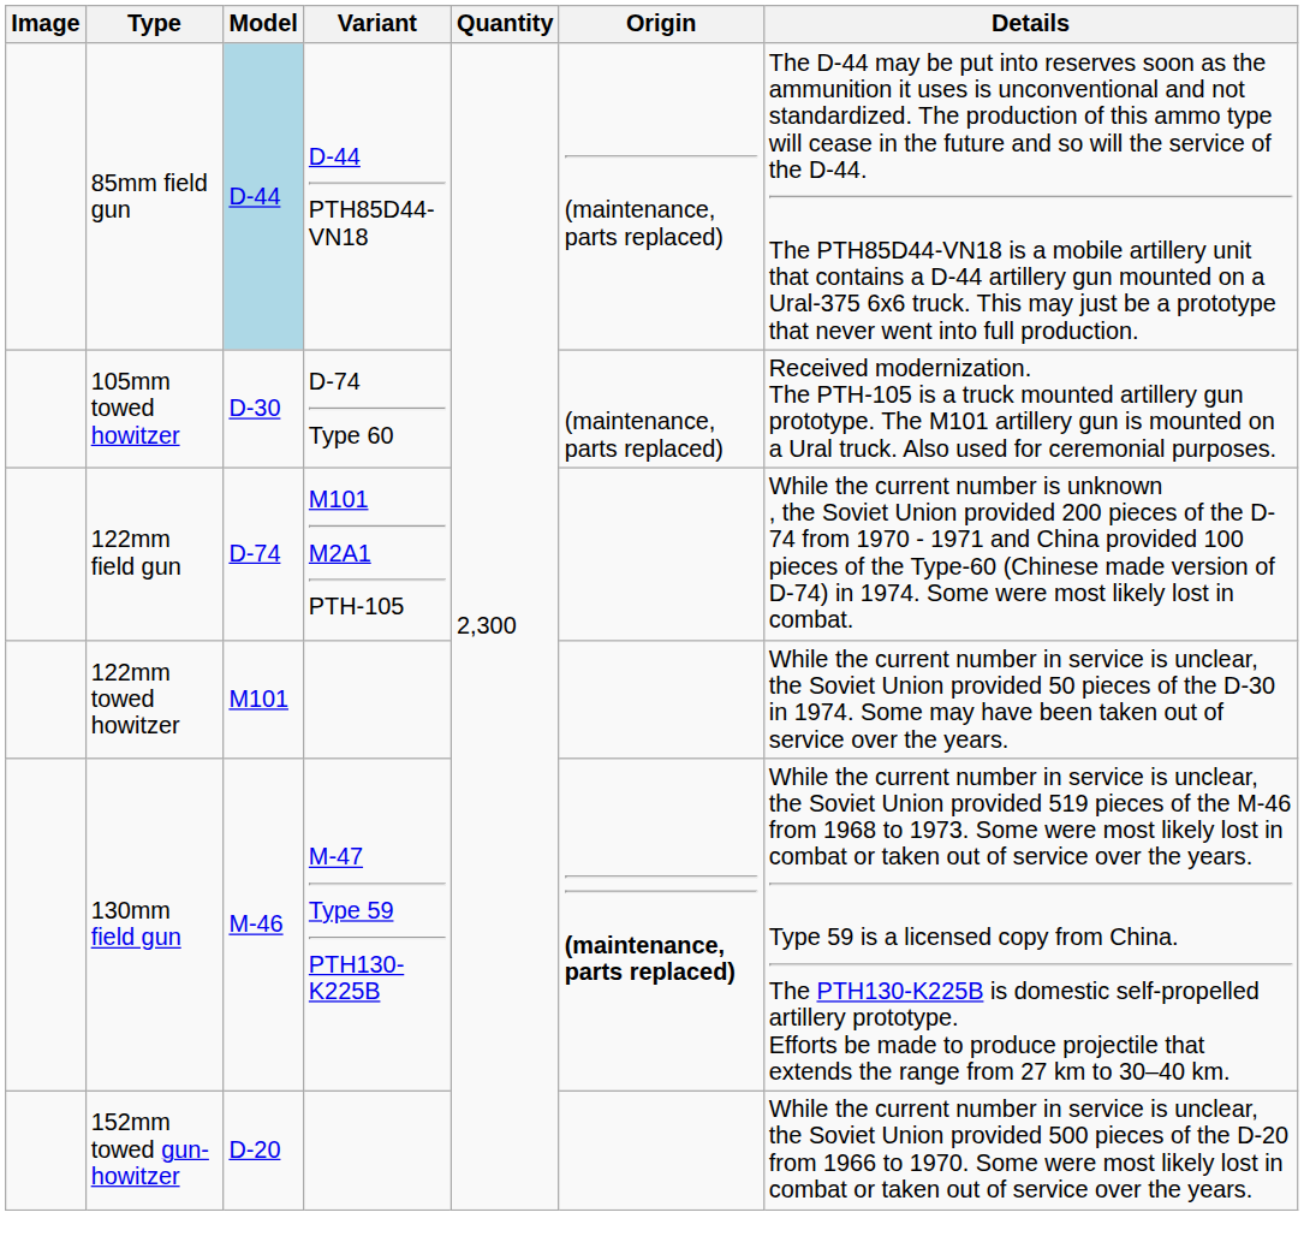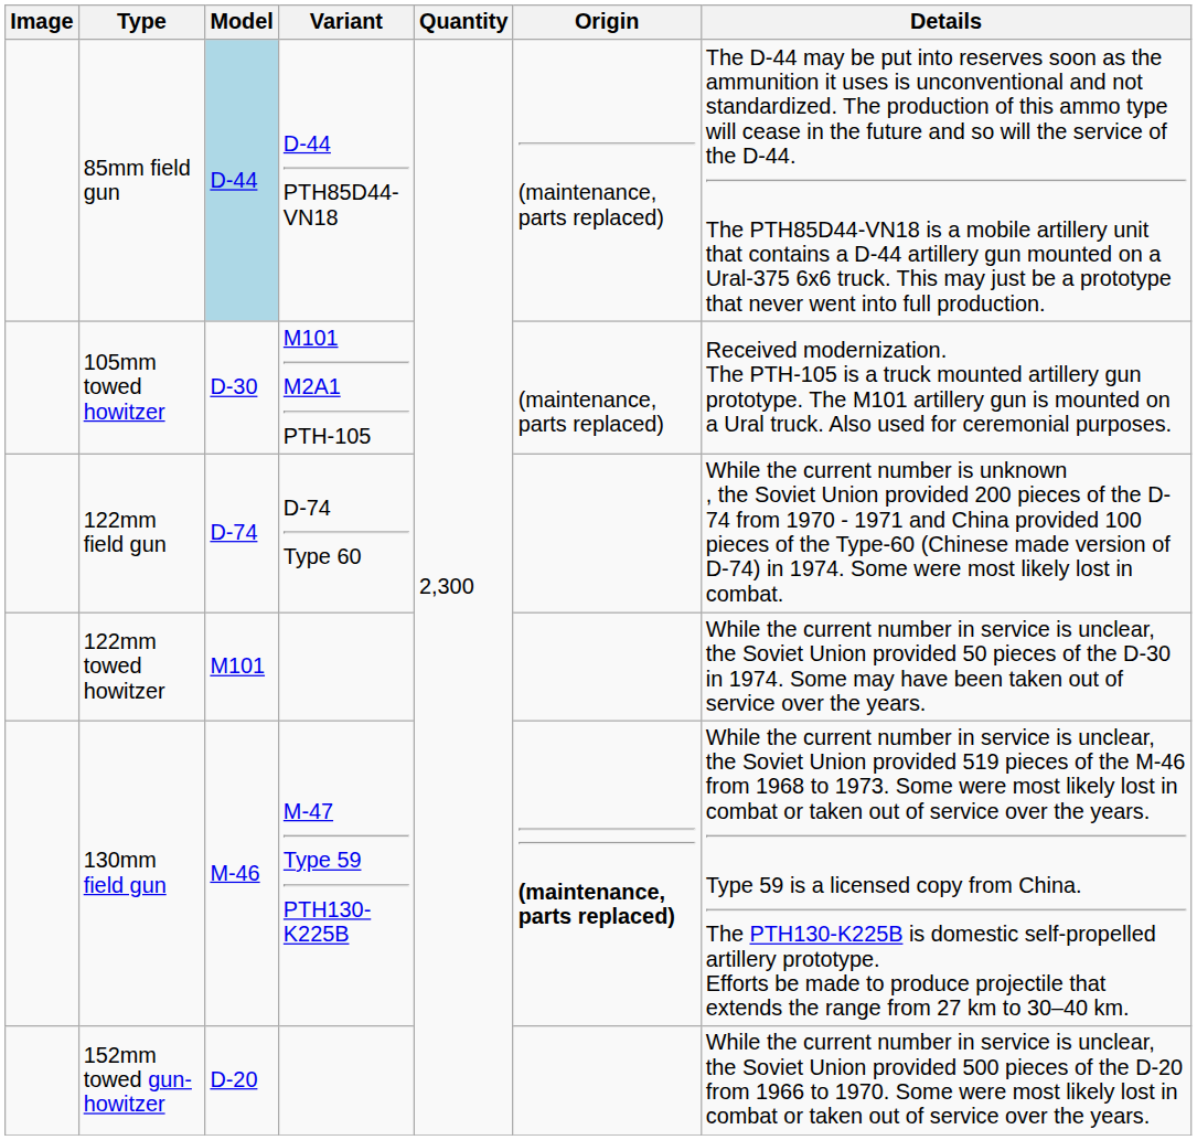 <table class="wikitable">
 <tr>
 <th>Image</th>
 <th>Type</th>
 <th>Model</th>
 <th>Variant</th>
 <th>Quantity</th>
 <th>Origin</th>
 <th>Details</th>
 </tr>
 <tr>
 <td></td>
 <td>85mm field gun</td>
 <td style="background: lightblue;"><a href='#'>D-44</a></td>
 <td><a href='#'>D-44</a><hr>PTH85D44-VN18</td>
 <td rowspan="6">2,300 </td>
 <td><hr><br>(maintenance, parts replaced)</td>
 <td>The D-44 may be put into reserves soon as the ammunition it uses is unconventional and not standardized. The production of this ammo type will cease in the future and so will the service of the D-44. <hr><br>The PTH85D44-VN18 is a mobile artillery unit that contains a D-44 artillery gun mounted on a Ural-375 6x6 truck. This may just be a prototype that never went into full production.</td>
 </tr>
 <tr>
 <td></td>
 <td>105mm towed <a href='#'>howitzer</a></td>
 <td><a href='#'>D-30</a></td>
-<td>D-74<hr>Type 60</td>
+<td><a href='#'>M101</a><hr><a href='#'>M2A1</a><hr>PTH-105</td>
 <td><br><br>(maintenance, parts replaced)</td>
 <td>Received modernization.<br>The PTH-105 is a truck mounted artillery gun prototype. The M101 artillery gun is mounted on a Ural truck. Also used for ceremonial purposes.</td>
 </tr>
 <tr>
 <td></td>
 <td>122mm field gun</td>
 <td><a href='#'>D-74</a></td>
-<td><a href='#'>M101</a><hr><a href='#'>M2A1</a><hr>PTH-105</td>
+<td>D-74<hr>Type 60</td>
 <td></td>
 <td>While the current number is unknown<br>, the Soviet Union provided 200 pieces of the D-74 from 1970 - 1971 and China provided 100 pieces of the Type-60 (Chinese made version of D-74) in 1974. Some were most likely lost in combat.</td>
 </tr>
 <tr>
 <td></td>
 <td>122mm towed howitzer</td>
 <td><a href='#'>M101</a></td>
 <td></td>
 <td></td>
 <td>While the current number in service is unclear, the Soviet Union provided 50 pieces of the D-30 in 1974. Some may have been taken out of service over the years.</td>
 </tr>
 <tr>
 <td></td>
 <td>130mm <a href='#'>field gun</a></td>
 <td><a href='#'>M-46</a></td>
 <td><a href='#'>M-47</a><hr><a href='#'>Type 59</a><hr><a href='#'>PTH130-K225B</a></td>
 <td><strong><hr><hr><br>(maintenance, parts replaced)</strong></td>
 <td>While the current number in service is unclear, the Soviet Union provided 519 pieces of the M-46 from 1968 to 1973. Some were most likely lost in combat or taken out of service over the years. <hr><br>Type 59 is a licensed copy from China. <hr> The <a href='#'>PTH130-K225B</a> is domestic self-propelled artillery prototype.<br>Efforts be made to produce projectile that extends the range from 27 km to 30–40 km.</td>
 </tr>
 <tr>
 <td></td>
 <td>152mm towed <a href='#'>gun-howitzer</a></td>
 <td><a href='#'>D-20</a></td>
 <td></td>
 <td></td>
 <td>While the current number in service is unclear, the Soviet Union provided 500 pieces of the D-20 from 1966 to 1970. Some were most likely lost in combat or taken out of service over the years.</td>
 </tr>
 </table>
